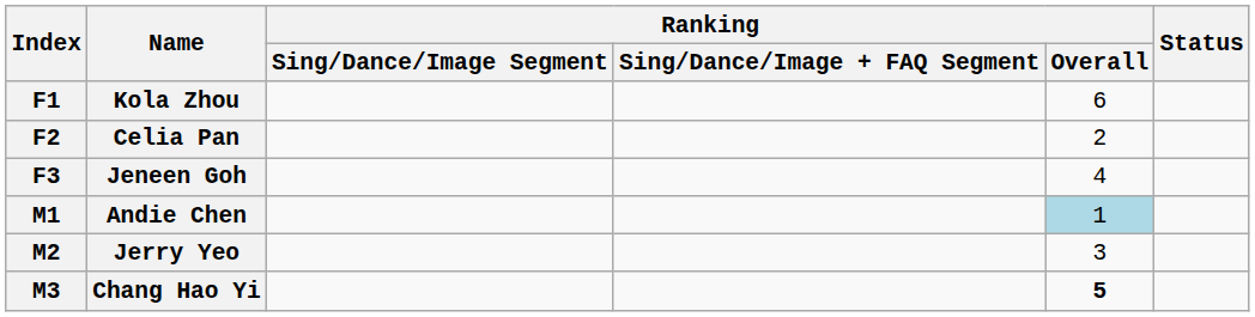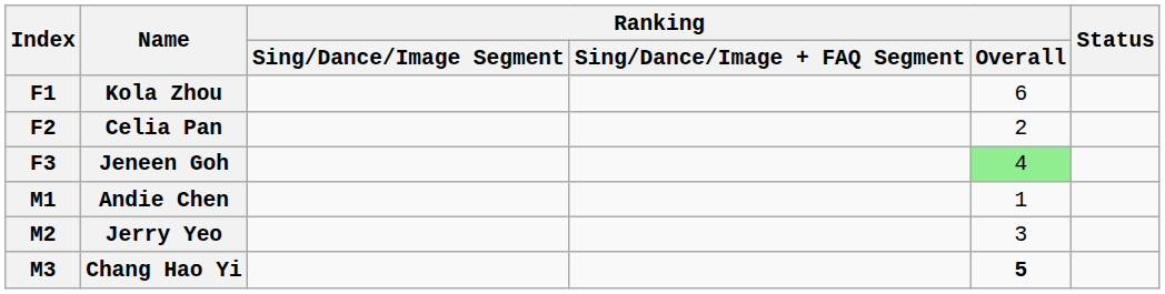 <table class="wikitable" style="text-align:center;">
 <tr>
 <th rowspan="2">Index</th>
 <th rowspan="2">Name</th>
 <th colspan=3>Ranking</th>
 <th rowspan="2">Status</th>
 </tr>
 <tr>
 <th>Sing/Dance/Image Segment</th>
 <th>Sing/Dance/Image + FAQ Segment</th>
 <th>Overall</th>
 </tr>
 <tr>
 <th>F1</th>
 <th>Kola Zhou</th>
 <td></td>
 <td></td>
 <td>6</td>
 <td></td>
 </tr>
 <tr>
 <th>F2</th>
 <th>Celia Pan</th>
 <td></td>
 <td></td>
 <td>2</td>
 <td></td>
 </tr>
 <tr>
 <th>F3</th>
 <th>Jeneen Goh</th>
 <td></td>
 <td></td>
-<td>4</td>
+<td style="background: lightgreen;">4</td>
 <td></td>
 </tr>
 <tr>
 <th>M1</th>
 <th>Andie Chen</th>
 <td></td>
 <td></td>
-<td style="background: lightblue;">1</td>
+<td>1</td>
 <td></td>
 </tr>
 <tr>
 <th>M2</th>
 <th>Jerry Yeo</th>
 <td></td>
 <td></td>
 <td>3</td>
 <td></td>
 </tr>
 <tr>
 <th>M3</th>
 <th>Chang Hao Yi</th>
 <td></td>
 <td></td>
 <td><strong>5</strong></td>
 <td></td>
 </tr>
 </table>
